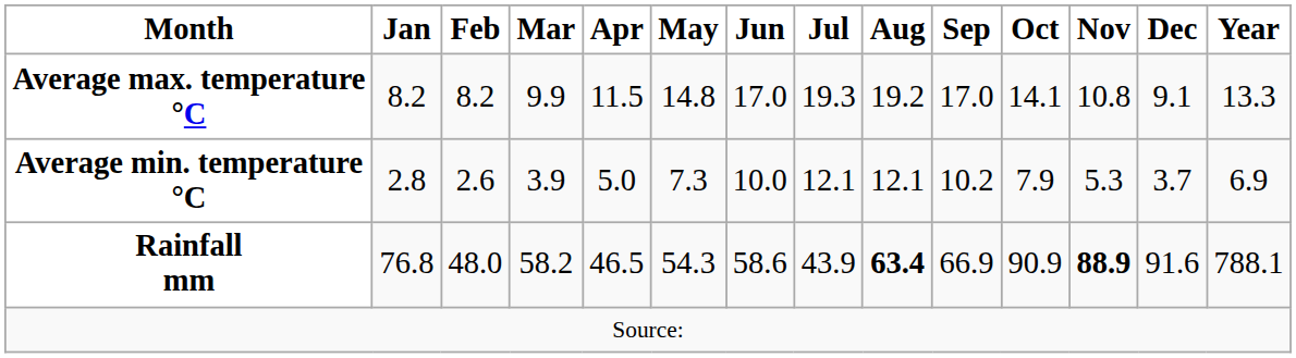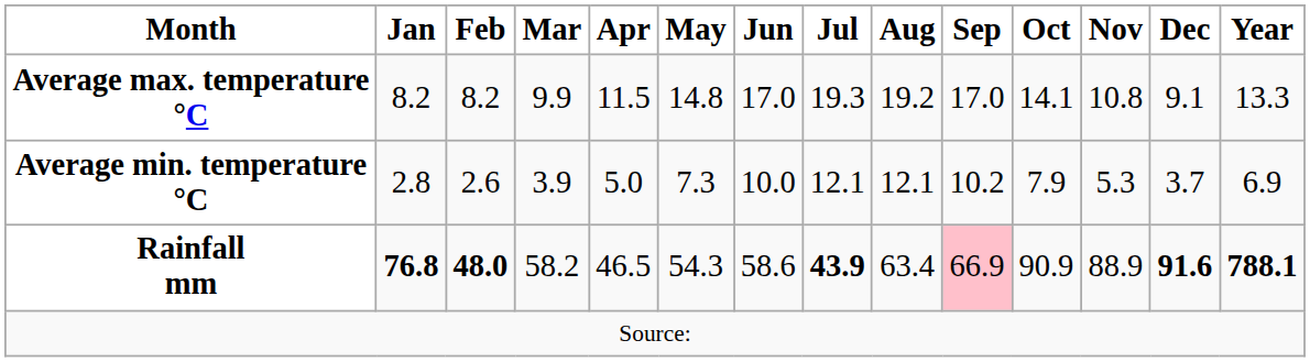 <table class="wikitable">
 <tr>
 <th style="background:#FFFFFF; height:17;">Month</th>
 <th style="background:#FFFFFF">Jan</th>
 <th style="background:#FFFFFF">Feb</th>
 <th style="background:#FFFFFF">Mar</th>
 <th style="background:#FFFFFF">Apr</th>
 <th style="background:#FFFFFF">May</th>
 <th style="background:#FFFFFF">Jun</th>
 <th style="background:#FFFFFF">Jul</th>
 <th style="background:#FFFFFF">Aug</th>
 <th style="background:#FFFFFF">Sep</th>
 <th style="background:#FFFFFF">Oct</th>
 <th style="background:#FFFFFF">Nov</th>
 <th style="background:#FFFFFF">Dec</th>
 <th style="background:#FFFFFF">Year</th>
 </tr>
 <tr Align="center">
 <th style="background:#FFFFFF; height:16;">Average max. temperature<br>°<a href='#'>C</a></th>
 <td>8.2</td>
 <td>8.2</td>
 <td>9.9</td>
 <td>11.5</td>
 <td>14.8</td>
 <td>17.0</td>
 <td>19.3</td>
 <td>19.2</td>
 <td>17.0</td>
 <td>14.1</td>
 <td>10.8</td>
 <td>9.1</td>
 <td>13.3</td>
 </tr>
 <tr Align="center">
 <th style="background:#FFFFFF">Average min. temperature<br>°C</th>
 <td>2.8</td>
 <td>2.6</td>
 <td>3.9</td>
 <td>5.0</td>
 <td>7.3</td>
 <td>10.0</td>
 <td>12.1</td>
 <td>12.1</td>
 <td>10.2</td>
 <td>7.9</td>
 <td>5.3</td>
 <td>3.7</td>
 <td>6.9</td>
 </tr>
 <tr Align="center">
 <th style="background:#FFFFFF">Rainfall<br>mm</th>
-<td>76.8</td>
-<td>48.0</td>
+<td><strong>76.8</strong></td>
+<td><strong>48.0</strong></td>
 <td>58.2</td>
 <td>46.5</td>
 <td>54.3</td>
 <td>58.6</td>
-<td>43.9</td>
-<td><strong>63.4</strong></td>
-<td>66.9</td>
+<td><strong>43.9</strong></td>
+<td>63.4</td>
+<td style="background: pink;">66.9</td>
 <td>90.9</td>
-<td><strong>88.9</strong></td>
-<td>91.6</td>
-<td>788.1</td>
+<td>88.9</td>
+<td><strong>91.6</strong></td>
+<td><strong>788.1</strong></td>
 </tr>
 <tr>
 <td colspan="14" style="text-align:center;font-size:90%;"><small>Source: </small></td>
 </tr>
 </table>
